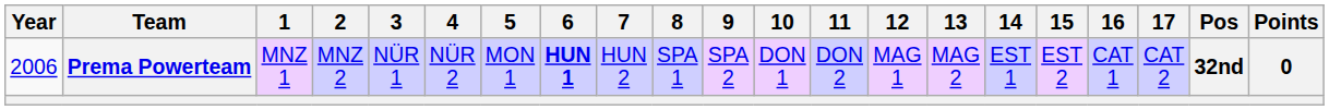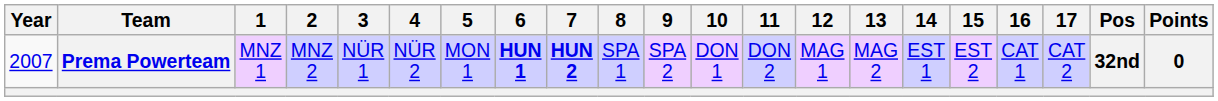 <table class="wikitable" style="text-align:center; font-size:85%">
 <tr>
 <th>Year</th>
 <th>Team</th>
 <th>1</th>
 <th>2</th>
 <th>3</th>
 <th>4</th>
 <th>5</th>
 <th>6</th>
 <th>7</th>
 <th>8</th>
 <th>9</th>
 <th>10</th>
 <th>11</th>
 <th>12</th>
 <th>13</th>
 <th>14</th>
 <th>15</th>
 <th>16</th>
 <th>17</th>
 <th>Pos</th>
 <th>Points</th>
 </tr>
 <tr>
-<td><a href='#'>2006</a></td>
+<td><a href='#'>2007</a></td>
 <th nowrap><a href='#'>Prema Powerteam</a></th>
 <td style="background:#EFCFFF;"><a href='#'>MNZ<br>1</a><br></td>
 <td style="background:#CFCFFF;"><a href='#'>MNZ<br>2</a><br></td>
 <td style="background:#CFCFFF;"><a href='#'>NÜR<br>1</a><br></td>
 <td style="background:#CFCFFF;"><a href='#'>NÜR<br>2</a><br></td>
 <td style="background:#CFCFFF;"><a href='#'>MON<br>1</a><br></td>
 <td style="background:#CFCFFF;"><strong><a href='#'>HUN<br>1</a><br></strong></td>
-<td style="background:#CFCFFF;"><a href='#'>HUN<br>2</a><br></td>
+<td style="background:#CFCFFF;"><strong><a href='#'>HUN<br>2</a><br></strong></td>
 <td style="background:#CFCFFF;"><a href='#'>SPA<br>1</a><br></td>
 <td style="background:#EFCFFF;"><a href='#'>SPA<br>2</a><br></td>
 <td style="background:#EFCFFF;"><a href='#'>DON<br>1</a><br></td>
 <td style="background:#CFCFFF;"><a href='#'>DON<br>2</a><br></td>
 <td style="background:#EFCFFF;"><a href='#'>MAG<br>1</a><br></td>
 <td style="background:#EFCFFF;"><a href='#'>MAG<br>2</a><br></td>
 <td style="background:#CFCFFF;"><a href='#'>EST<br>1</a><br></td>
 <td style="background:#EFCFFF;"><a href='#'>EST<br>2</a><br></td>
 <td style="background:#CFCFFF;"><a href='#'>CAT<br>1</a><br></td>
 <td style="background:#CFCFFF;"><a href='#'>CAT<br>2</a><br></td>
 <th>32nd</th>
 <th>0</th>
 </tr>
 <tr>
 <th colspan="21"></th>
 </tr>
 </table>
